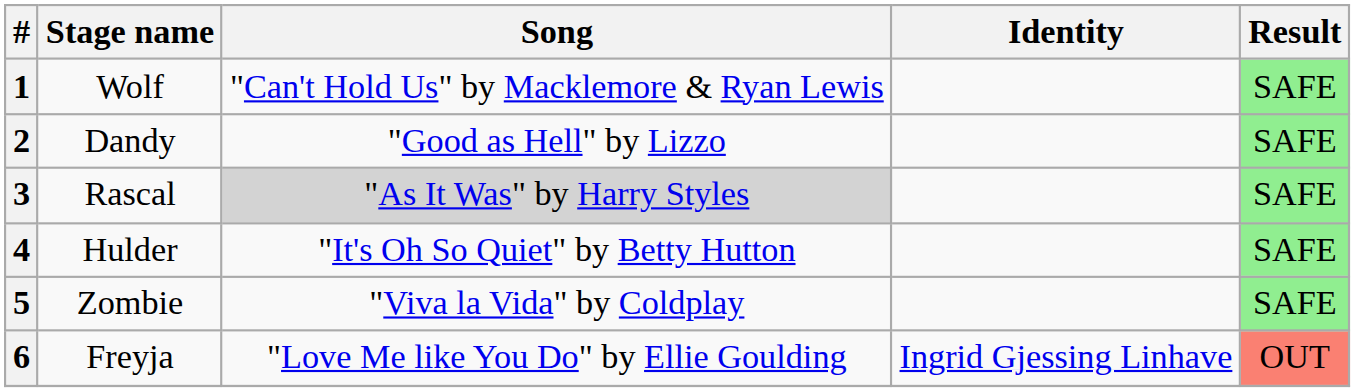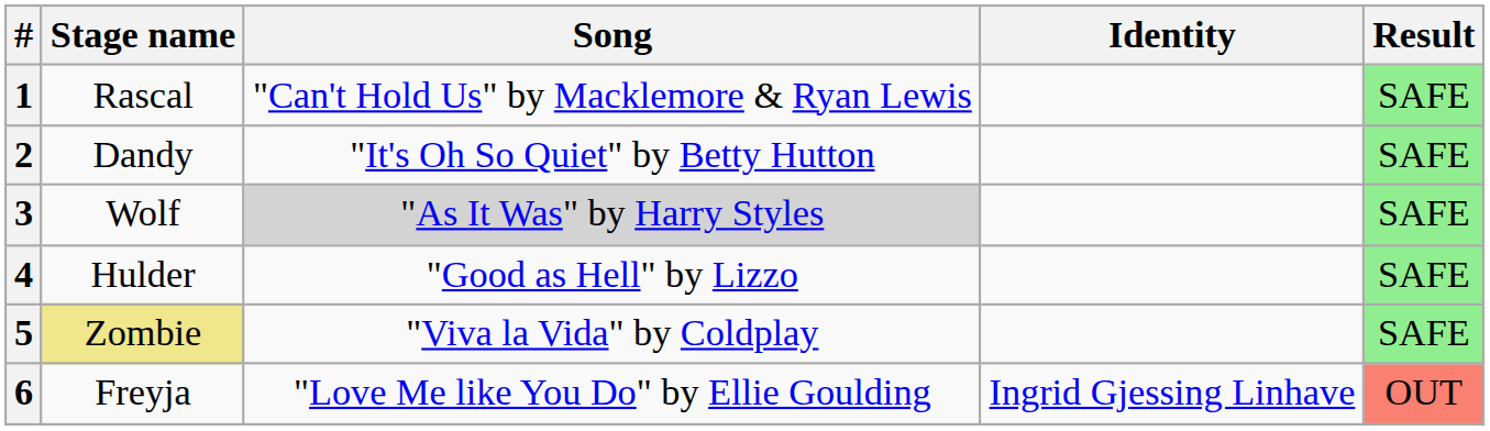 <table class="wikitable plainrowheaders" style="text-align: center;">
 <tr>
 <th>#</th>
 <th>Stage name</th>
 <th>Song</th>
 <th>Identity</th>
 <th>Result</th>
 </tr>
 <tr>
 <th>1</th>
-<td>Wolf</td>
+<td>Rascal</td>
 <td>"<a href='#'>Can't Hold Us</a>" by <a href='#'>Macklemore</a> & <a href='#'>Ryan Lewis</a></td>
 <td></td>
 <td bgcolor="lightgreen">SAFE</td>
 </tr>
 <tr>
 <th>2</th>
 <td>Dandy</td>
-<td>"<a href='#'>Good as Hell</a>" by <a href='#'>Lizzo</a></td>
+<td>"<a href='#'>It's Oh So Quiet</a>" by <a href='#'>Betty Hutton</a></td>
 <td></td>
 <td bgcolor="lightgreen">SAFE</td>
 </tr>
 <tr>
 <th>3</th>
-<td>Rascal</td>
+<td>Wolf</td>
 <td style="background: lightgrey;">"<a href='#'>As It Was</a>" by <a href='#'>Harry Styles</a></td>
 <td></td>
 <td bgcolor="lightgreen">SAFE</td>
 </tr>
 <tr>
 <th>4</th>
 <td>Hulder</td>
-<td>"<a href='#'>It's Oh So Quiet</a>" by <a href='#'>Betty Hutton</a></td>
+<td>"<a href='#'>Good as Hell</a>" by <a href='#'>Lizzo</a></td>
 <td></td>
 <td bgcolor="lightgreen">SAFE</td>
 </tr>
 <tr>
 <th>5</th>
-<td>Zombie</td>
+<td style="background: khaki;">Zombie</td>
 <td>"<a href='#'>Viva la Vida</a>" by <a href='#'>Coldplay</a></td>
 <td></td>
 <td bgcolor="lightgreen">SAFE</td>
 </tr>
 <tr>
 <th>6</th>
 <td>Freyja</td>
 <td>"<a href='#'>Love Me like You Do</a>" by <a href='#'>Ellie Goulding</a></td>
 <td><a href='#'>Ingrid Gjessing Linhave</a></td>
 <td bgcolor=salmon>OUT</td>
 </tr>
 <tr>
 </tr>
 </table>
